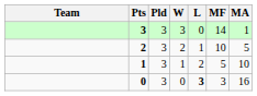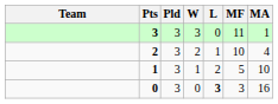 <table class=wikitable style="text-align:right">
 <tr>
 <th width=175>Team</th>
 <th width=20>Pts</th>
 <th width=20>Pld</th>
 <th width=20>W</th>
 <th width=20>L</th>
 <th width=20>MF</th>
 <th width=20>MA</th>
 </tr>
 <tr bgcolor=ccffcc>
 <td style="text-align:left"><strong></strong></td>
 <td><strong>3</strong></td>
 <td>3</td>
 <td>3</td>
 <td>0</td>
-<td>14</td>
+<td>11</td>
 <td>1</td>
 </tr>
 <tr>
 <td style="text-align:left"></td>
 <td><strong>2</strong></td>
 <td>3</td>
 <td>2</td>
 <td>1</td>
 <td>10</td>
-<td>5</td>
+<td>4</td>
 </tr>
 <tr>
 <td style="text-align:left"></td>
 <td><strong>1</strong></td>
 <td>3</td>
 <td>1</td>
 <td>2</td>
 <td>5</td>
 <td>10</td>
 </tr>
 <tr>
 <td style="text-align:left"></td>
 <td><strong>0</strong></td>
 <td>3</td>
 <td>0</td>
 <td><strong>3</strong></td>
 <td>3</td>
 <td>16</td>
 </tr>
 </table>
